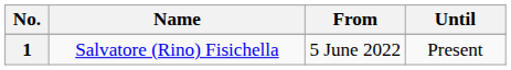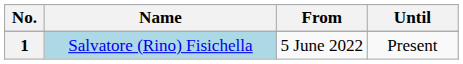 <table class="wikitable" style="font-size:100%; text-align:center;">
 <tr>
 <th scope="col">No.</th>
 <th scope="col" style="border-left:none;">Name</th>
 <th scope="col" style="width:20%;">From</th>
 <th scope="col" style="width:20%;">Until</th>
 </tr>
 <tr>
 </tr>
 <tr>
 <th scope="row">1</th>
-<td><a href='#'>Salvatore (Rino) Fisichella</a><br></td>
+<td style="background: lightblue;"><a href='#'>Salvatore (Rino) Fisichella</a><br></td>
 <td>5 June 2022</td>
 <td>Present</td>
 </tr>
 </table>
